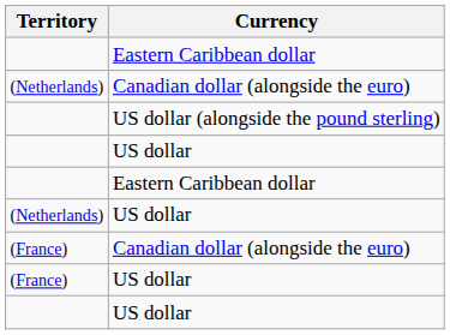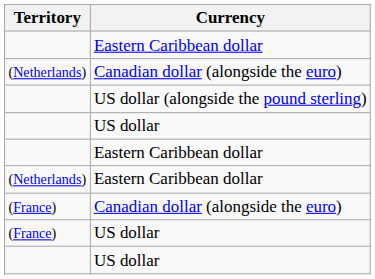 <table class="wikitable">
 <tr>
 <th>Territory</th>
 <th>Currency</th>
 </tr>
 <tr>
 <td></td>
 <td><a href='#'>Eastern Caribbean dollar</a></td>
 </tr>
 <tr>
 <td> <small>(<a href='#'>Netherlands</a>)</small></td>
 <td><a href='#'>Canadian dollar</a> (alongside the <a href='#'>euro</a>)</td>
 </tr>
 <tr>
 <td></td>
 <td>US dollar (alongside the <a href='#'>pound sterling</a>)</td>
 </tr>
 <tr>
 <td></td>
 <td>US dollar</td>
 </tr>
 <tr>
 <td></td>
 <td>Eastern Caribbean dollar</td>
 </tr>
 <tr>
 <td> <small>(<a href='#'>Netherlands</a>)</small></td>
-<td>US dollar</td>
+<td>Eastern Caribbean dollar</td>
 </tr>
 <tr>
 <td> <small>(<a href='#'>France</a>)</small></td>
 <td><a href='#'>Canadian dollar</a> (alongside the <a href='#'>euro</a>)</td>
 </tr>
 <tr>
 <td> <small>(<a href='#'>France</a>)</small></td>
 <td>US dollar</td>
 </tr>
 <tr>
 <td></td>
 <td>US dollar</td>
 </tr>
 </table>
